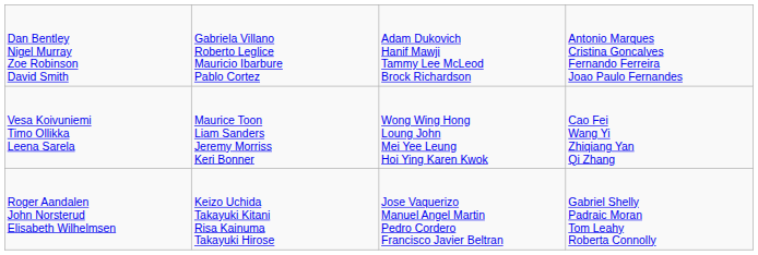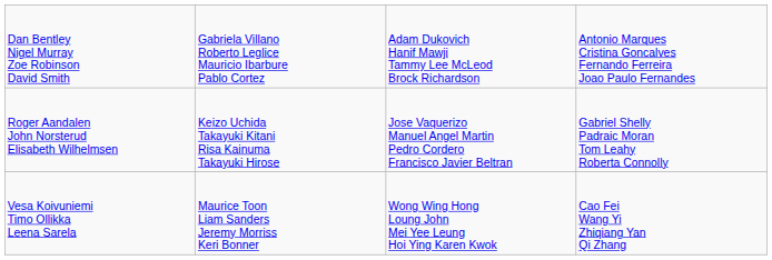 <table class="wikitable">
 <tr>
 <td style="width:16em; vertical-align:top;"><br><br><a href='#'>Dan Bentley</a><br> <a href='#'>Nigel Murray</a><br> <a href='#'>Zoe Robinson</a><br> <a href='#'>David Smith</a></td>
 <td style="width:16em; vertical-align:top;"><br><br><a href='#'>Gabriela Villano</a><br> <a href='#'>Roberto Leglice</a><br> <a href='#'>Mauricio Ibarbure</a><br> <a href='#'>Pablo Cortez</a></td>
 <td style="width:16em; vertical-align:top;"><br><br><a href='#'>Adam Dukovich</a><br> <a href='#'>Hanif Mawji</a><br> <a href='#'>Tammy Lee McLeod</a><br> <a href='#'>Brock Richardson</a></td>
 <td style="width:16em; vertical-align:top;"><br><br><a href='#'>Antonio Marques</a><br> <a href='#'>Cristina Goncalves</a><br> <a href='#'>Fernando Ferreira</a><br> <a href='#'>Joao Paulo Fernandes</a></td>
 </tr>
 <tr>
+<td style="width:16em; vertical-align:top;"><br><br><a href='#'>Roger Aandalen</a><br> <a href='#'>John Norsterud</a><br> <a href='#'>Elisabeth Wilhelmsen</a><br></td>
+<td style="width:16em; vertical-align:top;"><br><br><a href='#'>Keizo Uchida</a><br> <a href='#'>Takayuki Kitani</a><br> <a href='#'>Risa Kainuma</a><br> <a href='#'>Takayuki Hirose</a></td>
+<td style="width:16em; vertical-align:top;"><br><br><a href='#'>Jose Vaquerizo</a><br> <a href='#'>Manuel Angel Martin</a><br> <a href='#'>Pedro Cordero</a><br> <a href='#'>Francisco Javier Beltran</a></td>
+<td style="width:16em; vertical-align:top;"><br><br><a href='#'>Gabriel Shelly</a><br> <a href='#'>Padraic Moran</a><br> <a href='#'>Tom Leahy</a><br> <a href='#'>Roberta Connolly</a></td>
+</tr>
+<tr>
 <td style="width:16em; vertical-align:top;"><br><br><a href='#'>Vesa Koivuniemi</a><br> <a href='#'>Timo Ollikka</a><br> <a href='#'>Leena Sarela</a><br></td>
 <td style="width:16em; vertical-align:top;"><br><br><a href='#'>Maurice Toon</a><br> <a href='#'>Liam Sanders</a><br> <a href='#'>Jeremy Morriss</a><br> <a href='#'>Keri Bonner</a></td>
 <td style="width:16em; vertical-align:top;"><br><br><a href='#'>Wong Wing Hong</a><br> <a href='#'>Loung John</a><br> <a href='#'>Mei Yee Leung</a><br> <a href='#'>Hoi Ying Karen Kwok</a></td>
 <td style="width:16em; vertical-align:top;"><br><br><a href='#'>Cao Fei</a><br> <a href='#'>Wang Yi</a><br> <a href='#'>Zhiqiang Yan</a><br> <a href='#'>Qi Zhang</a></td>
 </tr>
-<tr>
-<td style="width:16em; vertical-align:top;"><br><br><a href='#'>Roger Aandalen</a><br> <a href='#'>John Norsterud</a><br> <a href='#'>Elisabeth Wilhelmsen</a><br></td>
-<td style="width:16em; vertical-align:top;"><br><br><a href='#'>Keizo Uchida</a><br> <a href='#'>Takayuki Kitani</a><br> <a href='#'>Risa Kainuma</a><br> <a href='#'>Takayuki Hirose</a></td>
-<td style="width:16em; vertical-align:top;"><br><br><a href='#'>Jose Vaquerizo</a><br> <a href='#'>Manuel Angel Martin</a><br> <a href='#'>Pedro Cordero</a><br> <a href='#'>Francisco Javier Beltran</a></td>
-<td style="width:16em; vertical-align:top;"><br><br><a href='#'>Gabriel Shelly</a><br> <a href='#'>Padraic Moran</a><br> <a href='#'>Tom Leahy</a><br> <a href='#'>Roberta Connolly</a></td>
-</tr>
 </table>
